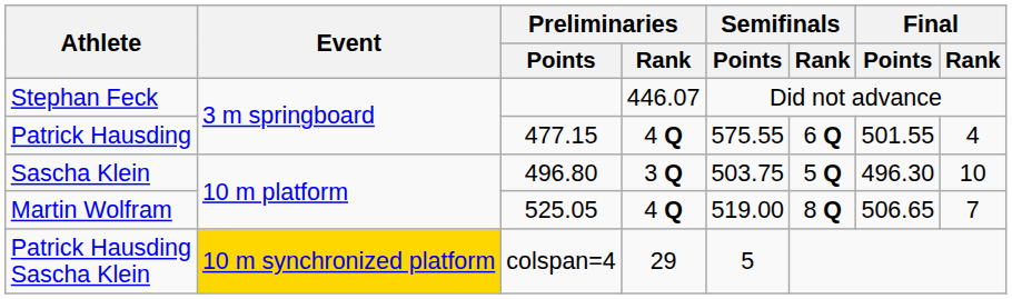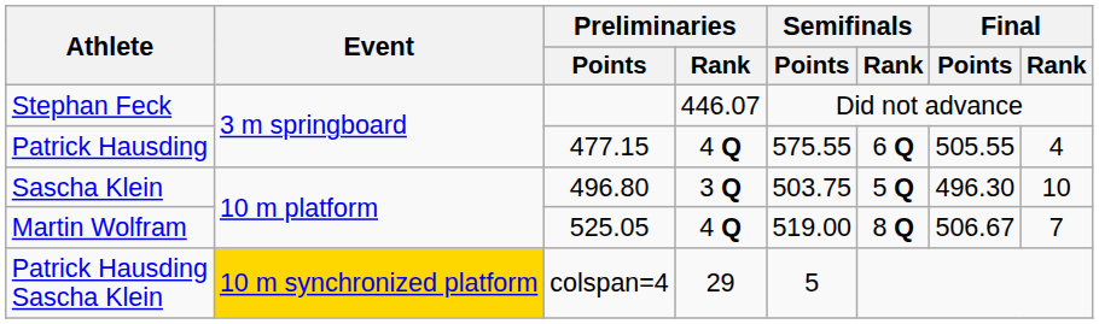 <table class="wikitable" style="font-size:90%">
 <tr>
 <th rowspan=2>Athlete</th>
 <th rowspan=2>Event</th>
 <th colspan=2>Preliminaries</th>
 <th colspan=2>Semifinals</th>
 <th colspan=2>Final</th>
 </tr>
 <tr style="font-size:95%">
 <th>Points</th>
 <th>Rank</th>
 <th>Points</th>
 <th>Rank</th>
 <th>Points</th>
 <th>Rank</th>
 </tr>
 <tr align=center>
 <td align=left><a href='#'>Stephan Feck</a></td>
 <td align=left rowspan=2><a href='#'>3 m springboard</a></td>
 <td></td>
 <td>446.07</td>
 <td colspan=4>Did not advance</td>
 </tr>
 <tr align=center>
 <td align=left><a href='#'>Patrick Hausding</a></td>
 <td>477.15</td>
 <td>4 <strong>Q</strong></td>
 <td>575.55</td>
 <td>6 <strong>Q</strong></td>
-<td>501.55</td>
+<td>505.55</td>
 <td>4</td>
 </tr>
 <tr align=center>
 <td align=left><a href='#'>Sascha Klein</a></td>
 <td align=left rowspan=2><a href='#'>10 m platform</a></td>
 <td>496.80</td>
 <td>3 <strong>Q</strong></td>
 <td>503.75</td>
 <td>5 <strong>Q</strong></td>
 <td>496.30</td>
 <td>10</td>
 </tr>
 <tr align=center>
 <td align=left><a href='#'>Martin Wolfram</a></td>
 <td>525.05</td>
 <td>4 <strong>Q</strong></td>
 <td>519.00</td>
 <td>8 <strong>Q</strong></td>
-<td>506.65</td>
+<td>506.67</td>
 <td>7</td>
 </tr>
 <tr align=center>
 <td align=left><a href='#'>Patrick Hausding</a><br><a href='#'>Sascha Klein</a></td>
 <td align=left style="background: gold;"><a href='#'>10 m synchronized platform</a></td>
 <td>colspan=4 </td>
 <td>29</td>
 <td>5</td>
 </tr>
 </table>
